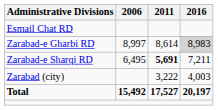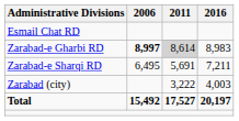 <table class="wikitable">
 <tr>
 <th>Administrative Divisions</th>
 <th>2006</th>
 <th>2011</th>
 <th>2016</th>
 </tr>
 <tr>
 <td><a href='#'>Esmail Chat RD</a></td>
 <td style="text-align: right;"></td>
 <td style="text-align: right;"></td>
 <td style="text-align: right;"></td>
 </tr>
 <tr>
 <td><a href='#'>Zarabad-e Gharbi RD</a></td>
-<td style="text-align: right;">8,997</td>
-<td style="text-align: right;">8,614</td>
-<td style="background: lightgrey; text-align: right;">8,983</td>
+<td style="text-align: right;"><strong>8,997</strong></td>
+<td style="background: lightgrey; text-align: right;">8,614</td>
+<td style="text-align: right;">8,983</td>
 </tr>
 <tr>
 <td><a href='#'>Zarabad-e Sharqi RD</a></td>
 <td style="text-align: right;">6,495</td>
-<td style="text-align: right;"><strong>5,691</strong></td>
+<td style="text-align: right;">5,691</td>
 <td style="text-align: right;">7,211</td>
 </tr>
 <tr>
 <td><a href='#'>Zarabad</a> (city)</td>
 <td style="text-align: right;"></td>
 <td style="text-align: right;">3,222</td>
 <td style="text-align: right;">4,003</td>
 </tr>
 <tr>
 <td><strong>Total</strong></td>
 <td style="text-align: right;"><strong>15,492</strong></td>
 <td style="text-align: right;"><strong>17,527</strong></td>
 <td style="text-align: right;"><strong>20,197</strong></td>
 </tr>
 <tr>
 <td colspan=4></td>
 </tr>
 </table>
